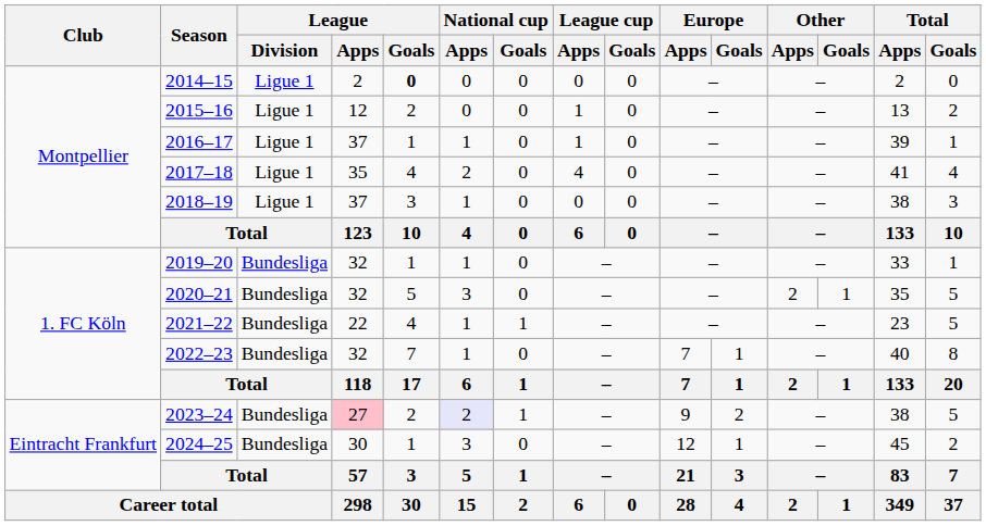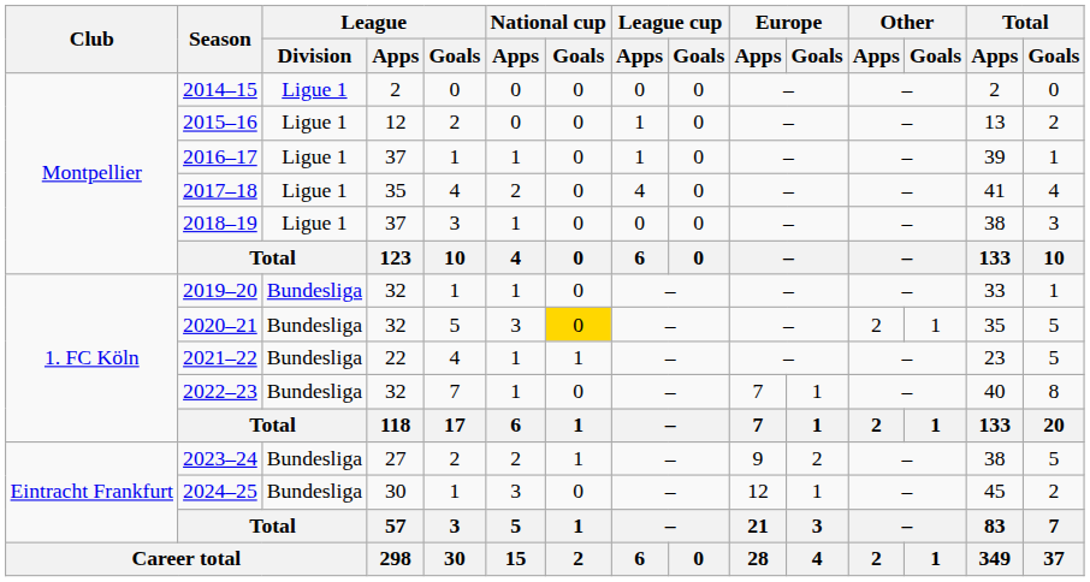 <table class="wikitable" style="text-align: center">
 <tr>
 <th rowspan="2">Club</th>
 <th rowspan="2">Season</th>
 <th colspan="3">League</th>
 <th colspan="2">National cup</th>
 <th colspan="2">League cup</th>
 <th colspan="2">Europe</th>
 <th colspan="2">Other</th>
 <th colspan="2">Total</th>
 </tr>
 <tr>
 <th>Division</th>
 <th>Apps</th>
 <th>Goals</th>
 <th>Apps</th>
 <th>Goals</th>
 <th>Apps</th>
 <th>Goals</th>
 <th>Apps</th>
 <th>Goals</th>
 <th>Apps</th>
 <th>Goals</th>
 <th>Apps</th>
 <th>Goals</th>
 </tr>
 <tr>
 <td rowspan="6"><a href='#'>Montpellier</a></td>
 <td><a href='#'>2014–15</a></td>
 <td><a href='#'>Ligue 1</a></td>
 <td>2</td>
-<td><strong>0</strong></td>
+<td>0</td>
 <td>0</td>
 <td>0</td>
 <td>0</td>
 <td>0</td>
 <td colspan="2">–</td>
 <td colspan="2">–</td>
 <td>2</td>
 <td>0</td>
 </tr>
 <tr>
 <td><a href='#'>2015–16</a></td>
 <td>Ligue 1</td>
 <td>12</td>
 <td>2</td>
 <td>0</td>
 <td>0</td>
 <td>1</td>
 <td>0</td>
 <td colspan="2">–</td>
 <td colspan="2">–</td>
 <td>13</td>
 <td>2</td>
 </tr>
 <tr>
 <td><a href='#'>2016–17</a></td>
 <td>Ligue 1</td>
 <td>37</td>
 <td>1</td>
 <td>1</td>
 <td>0</td>
 <td>1</td>
 <td>0</td>
 <td colspan="2">–</td>
 <td colspan="2">–</td>
 <td>39</td>
 <td>1</td>
 </tr>
 <tr>
 <td><a href='#'>2017–18</a></td>
 <td>Ligue 1</td>
 <td>35</td>
 <td>4</td>
 <td>2</td>
 <td>0</td>
 <td>4</td>
 <td>0</td>
 <td colspan="2">–</td>
 <td colspan="2">–</td>
 <td>41</td>
 <td>4</td>
 </tr>
 <tr>
 <td><a href='#'>2018–19</a></td>
 <td>Ligue 1</td>
 <td>37</td>
 <td>3</td>
 <td>1</td>
 <td>0</td>
 <td>0</td>
 <td>0</td>
 <td colspan="2">–</td>
 <td colspan="2">–</td>
 <td>38</td>
 <td>3</td>
 </tr>
 <tr>
 <th colspan="2">Total</th>
 <th>123</th>
 <th>10</th>
 <th>4</th>
 <th>0</th>
 <th>6</th>
 <th>0</th>
 <th colspan="2">–</th>
 <th colspan="2">–</th>
 <th>133</th>
 <th>10</th>
 </tr>
 <tr>
 <td rowspan="5"><a href='#'>1. FC Köln</a></td>
 <td><a href='#'>2019–20</a></td>
 <td><a href='#'>Bundesliga</a></td>
 <td>32</td>
 <td>1</td>
 <td>1</td>
 <td>0</td>
 <td colspan="2">–</td>
 <td colspan="2">–</td>
 <td colspan="2">–</td>
 <td>33</td>
 <td>1</td>
 </tr>
 <tr>
 <td><a href='#'>2020–21</a></td>
 <td>Bundesliga</td>
 <td>32</td>
 <td>5</td>
 <td>3</td>
-<td>0</td>
+<td style="background: gold;">0</td>
 <td colspan="2">–</td>
 <td colspan="2">–</td>
 <td>2</td>
 <td>1</td>
 <td>35</td>
 <td>5</td>
 </tr>
 <tr>
 <td><a href='#'>2021–22</a></td>
 <td>Bundesliga</td>
 <td>22</td>
 <td>4</td>
 <td>1</td>
 <td>1</td>
 <td colspan="2">–</td>
 <td colspan="2">–</td>
 <td colspan="2">–</td>
 <td>23</td>
 <td>5</td>
 </tr>
 <tr>
 <td><a href='#'>2022–23</a></td>
 <td>Bundesliga</td>
 <td>32</td>
 <td>7</td>
 <td>1</td>
 <td>0</td>
 <td colspan="2">–</td>
 <td>7</td>
 <td>1</td>
 <td colspan="2">–</td>
 <td>40</td>
 <td>8</td>
 </tr>
 <tr>
 <th colspan="2">Total</th>
 <th>118</th>
 <th>17</th>
 <th>6</th>
 <th>1</th>
 <th colspan="2">–</th>
 <th>7</th>
 <th>1</th>
 <th>2</th>
 <th>1</th>
 <th>133</th>
 <th>20</th>
 </tr>
 <tr>
 <td rowspan="3"><a href='#'>Eintracht Frankfurt</a></td>
 <td><a href='#'>2023–24</a></td>
 <td>Bundesliga</td>
-<td style="background: pink;">27</td>
+<td>27</td>
 <td>2</td>
-<td style="background: lavender;">2</td>
+<td>2</td>
 <td>1</td>
 <td colspan="2">–</td>
 <td>9</td>
 <td>2</td>
 <td colspan="2">–</td>
 <td>38</td>
 <td>5</td>
 </tr>
 <tr>
 <td><a href='#'>2024–25</a></td>
 <td>Bundesliga</td>
 <td>30</td>
 <td>1</td>
 <td>3</td>
 <td>0</td>
 <td colspan="2">–</td>
 <td>12</td>
 <td>1</td>
 <td colspan="2">–</td>
 <td>45</td>
 <td>2</td>
 </tr>
 <tr>
 <th colspan="2">Total</th>
 <th>57</th>
 <th>3</th>
 <th>5</th>
 <th>1</th>
 <th colspan="2">–</th>
 <th>21</th>
 <th>3</th>
 <th colspan="2">–</th>
 <th>83</th>
 <th>7</th>
 </tr>
 <tr>
 <th colspan="3">Career total</th>
 <th>298</th>
 <th>30</th>
 <th>15</th>
 <th>2</th>
 <th>6</th>
 <th>0</th>
 <th>28</th>
 <th>4</th>
 <th>2</th>
 <th>1</th>
 <th>349</th>
 <th>37</th>
 </tr>
 </table>
